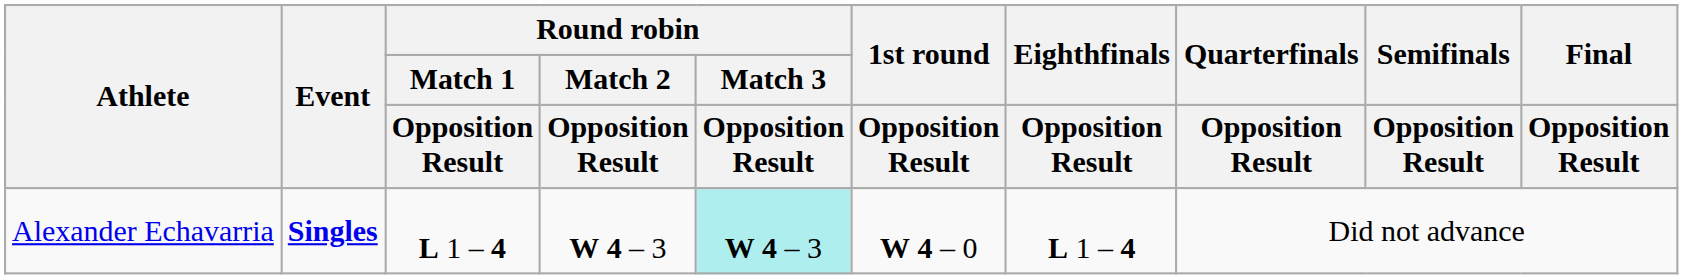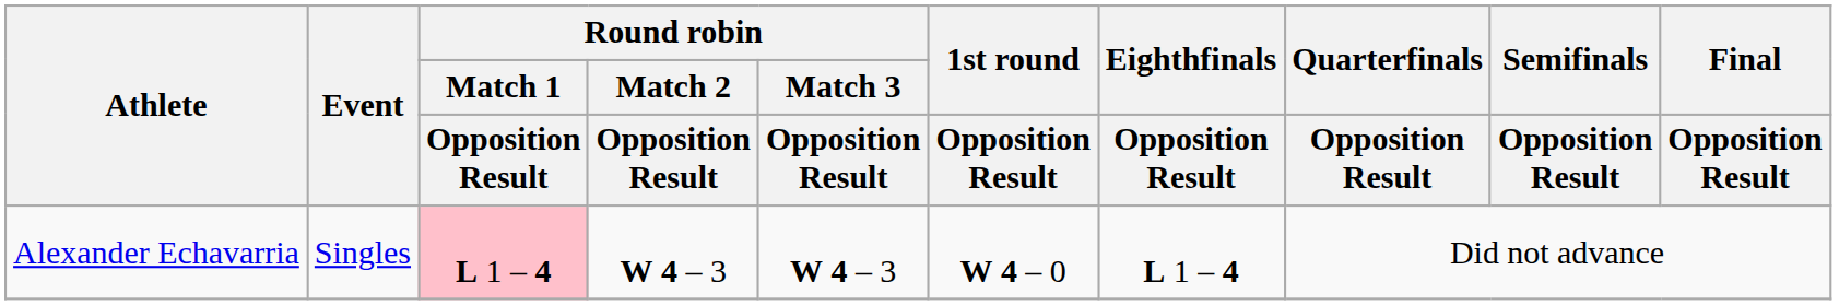 <table class="wikitable" border="1" style="font-size:90%">
 <tr>
 <th rowspan=3>Athlete</th>
 <th rowspan=3>Event</th>
 <th colspan=3>Round robin</th>
 <th rowspan=2>1st round</th>
 <th rowspan=2>Eighthfinals</th>
 <th rowspan=2>Quarterfinals</th>
 <th rowspan=2>Semifinals</th>
 <th rowspan=2>Final</th>
 </tr>
 <tr>
 <th>Match 1</th>
 <th>Match 2</th>
 <th>Match 3</th>
 </tr>
 <tr>
 <th>Opposition<br>Result</th>
 <th>Opposition<br>Result</th>
 <th>Opposition<br>Result</th>
 <th>Opposition<br>Result</th>
 <th>Opposition<br>Result</th>
 <th>Opposition<br>Result</th>
 <th>Opposition<br>Result</th>
 <th>Opposition<br>Result</th>
 </tr>
 <tr>
 <td><a href='#'>Alexander Echavarria</a></td>
-<td><strong><a href='#'>Singles</a></strong></td>
-<td align=center><br><strong>L</strong> 1 – <strong>4</strong></td>
+<td><a href='#'>Singles</a></td>
+<td align=center style="background: pink;"><br><strong>L</strong> 1 – <strong>4</strong></td>
 <td align=center><br><strong>W</strong> <strong>4</strong> – 3</td>
-<td align=center style="background: paleturquoise;"><br><strong>W</strong> <strong>4</strong> – 3</td>
+<td align=center><br><strong>W</strong> <strong>4</strong> – 3</td>
 <td align=center><br><strong>W</strong> <strong>4</strong> – 0</td>
 <td align=center><br><strong>L</strong> 1 – <strong>4</strong></td>
 <td align="center" colspan="7">Did not advance</td>
 </tr>
 </table>
